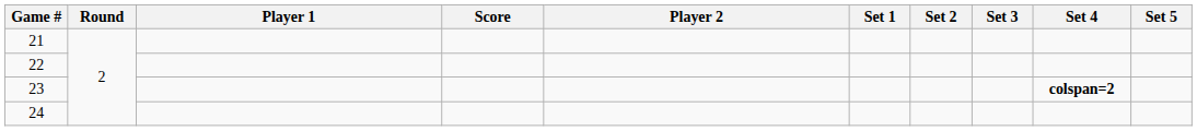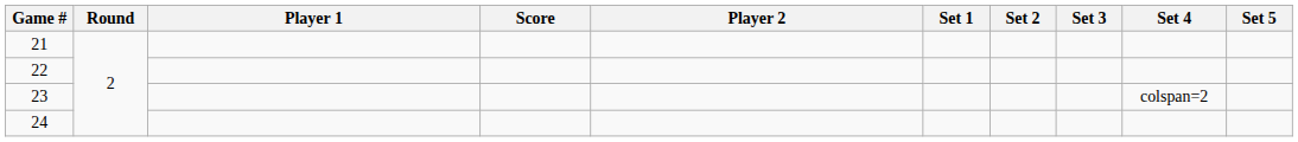 <table class="wikitable">
 <tr>
 <th width="2%">Game #</th>
 <th width="2%">Round</th>
 <th width="15%">Player 1</th>
 <th width="5%">Score</th>
 <th width="15%">Player 2</th>
 <th width="3%">Set 1</th>
 <th width="3%">Set 2</th>
 <th width="3%">Set 3</th>
 <th width="3%">Set 4</th>
 <th width="3%">Set 5</th>
 </tr>
 <tr style=text-align:center;>
 <td>21</td>
 <td rowspan=4>2</td>
 <td><strong></strong></td>
 <td></td>
 <td></td>
 <td></td>
 <td></td>
 <td></td>
 <td></td>
 <td></td>
 </tr>
 <tr style=text-align:center;>
 <td>22</td>
 <td></td>
 <td></td>
 <td><strong></strong></td>
 <td></td>
 <td></td>
 <td></td>
 <td></td>
 <td></td>
 </tr>
 <tr style=text-align:center;>
 <td>23</td>
 <td><strong></strong></td>
 <td></td>
 <td></td>
 <td></td>
 <td></td>
 <td></td>
-<td><strong>colspan=2</strong></td>
+<td>colspan=2</td>
 </tr>
 <tr style=text-align:center;>
 <td>24</td>
 <td></td>
 <td></td>
 <td><strong></strong></td>
 <td></td>
 <td></td>
 <td></td>
 <td></td>
 <td></td>
 </tr>
 </table>
